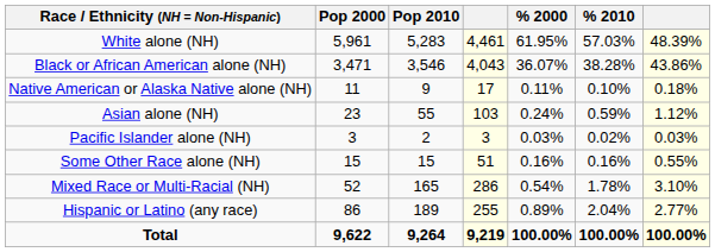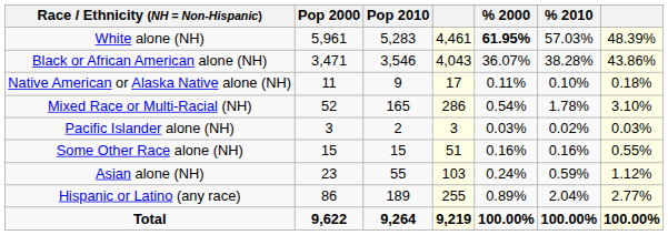 <table class="wikitable"  style="text-align:center;">
 <tr>
 <th>Race / Ethnicity <small>(<em>NH = Non-Hispanic</em>)</small></th>
 <th>Pop 2000</th>
 <th>Pop 2010</th>
 <th></th>
 <th>% 2000</th>
 <th>% 2010</th>
 <th></th>
 </tr>
 <tr>
 <td><a href='#'>White</a> alone (NH)</td>
 <td>5,961</td>
 <td>5,283</td>
 <td style='background: #ffffe6;'>4,461</td>
-<td>61.95%</td>
+<td><strong>61.95%</strong></td>
 <td>57.03%</td>
 <td style='background: #ffffe6;'>48.39%</td>
 </tr>
 <tr>
 <td><a href='#'>Black or African American</a> alone (NH)</td>
 <td>3,471</td>
 <td>3,546</td>
 <td style='background: #ffffe6;'>4,043</td>
 <td>36.07%</td>
 <td>38.28%</td>
 <td style='background: #ffffe6;'>43.86%</td>
 </tr>
 <tr>
 <td><a href='#'>Native American</a> or <a href='#'>Alaska Native</a> alone (NH)</td>
 <td>11</td>
 <td>9</td>
 <td style='background: #ffffe6;'>17</td>
 <td>0.11%</td>
 <td>0.10%</td>
 <td style='background: #ffffe6;'>0.18%</td>
 </tr>
 <tr>
-<td><a href='#'>Asian</a> alone (NH)</td>
-<td>23</td>
-<td>55</td>
-<td style='background: #ffffe6;'>103</td>
-<td>0.24%</td>
-<td>0.59%</td>
-<td style='background: #ffffe6;'>1.12%</td>
+<td><a href='#'>Mixed Race or Multi-Racial</a> (NH)</td>
+<td>52</td>
+<td>165</td>
+<td style='background: #ffffe6;'>286</td>
+<td>0.54%</td>
+<td>1.78%</td>
+<td style='background: #ffffe6;'>3.10%</td>
 </tr>
 <tr>
 <td><a href='#'>Pacific Islander</a> alone (NH)</td>
 <td>3</td>
 <td>2</td>
 <td style='background: #ffffe6;'>3</td>
 <td>0.03%</td>
 <td>0.02%</td>
 <td style='background: #ffffe6;'>0.03%</td>
 </tr>
 <tr>
 <td><a href='#'>Some Other Race</a> alone (NH)</td>
 <td>15</td>
 <td>15</td>
 <td style='background: #ffffe6;'>51</td>
 <td>0.16%</td>
 <td>0.16%</td>
 <td style='background: #ffffe6;'>0.55%</td>
 </tr>
 <tr>
-<td><a href='#'>Mixed Race or Multi-Racial</a> (NH)</td>
-<td>52</td>
-<td>165</td>
-<td style='background: #ffffe6;'>286</td>
-<td>0.54%</td>
-<td>1.78%</td>
-<td style='background: #ffffe6;'>3.10%</td>
+<td><a href='#'>Asian</a> alone (NH)</td>
+<td>23</td>
+<td>55</td>
+<td style='background: #ffffe6;'>103</td>
+<td>0.24%</td>
+<td>0.59%</td>
+<td style='background: #ffffe6;'>1.12%</td>
 </tr>
 <tr>
 <td><a href='#'>Hispanic or Latino</a> (any race)</td>
 <td>86</td>
 <td>189</td>
 <td style='background: #ffffe6;'>255</td>
 <td>0.89%</td>
 <td>2.04%</td>
 <td style='background: #ffffe6;'>2.77%</td>
 </tr>
 <tr>
 <td><strong>Total</strong></td>
 <td><strong>9,622</strong></td>
 <td><strong>9,264</strong></td>
 <td style='background: #ffffe6;'><strong>9,219</strong></td>
 <td><strong>100.00%</strong></td>
 <td><strong>100.00%</strong></td>
 <td style='background: #ffffe6;'><strong>100.00%</strong></td>
 </tr>
 </table>
